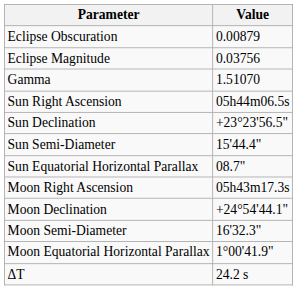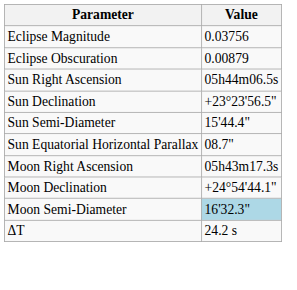 <table class="wikitable">
 <tr>
 <th>Parameter</th>
 <th>Value</th>
 </tr>
 <tr>
-<td>Eclipse Obscuration</td>
-<td>0.00879</td>
-</tr>
-<tr>
 <td>Eclipse Magnitude</td>
 <td>0.03756</td>
 </tr>
 <tr>
-<td>Gamma</td>
-<td>1.51070</td>
+<td>Eclipse Obscuration</td>
+<td>0.00879</td>
 </tr>
 <tr>
 <td>Sun Right Ascension</td>
 <td>05h44m06.5s</td>
 </tr>
 <tr>
 <td>Sun Declination</td>
 <td>+23°23'56.5"</td>
 </tr>
 <tr>
 <td>Sun Semi-Diameter</td>
 <td>15'44.4"</td>
 </tr>
 <tr>
 <td>Sun Equatorial Horizontal Parallax</td>
 <td>08.7"</td>
 </tr>
 <tr>
 <td>Moon Right Ascension</td>
 <td>05h43m17.3s</td>
 </tr>
 <tr>
 <td>Moon Declination</td>
 <td>+24°54'44.1"</td>
 </tr>
 <tr>
 <td>Moon Semi-Diameter</td>
-<td>16'32.3"</td>
-</tr>
-<tr>
-<td>Moon Equatorial Horizontal Parallax</td>
-<td>1°00'41.9"</td>
+<td style="background: lightblue;">16'32.3"</td>
 </tr>
 <tr>
 <td>ΔT</td>
 <td>24.2 s</td>
 </tr>
 </table>
